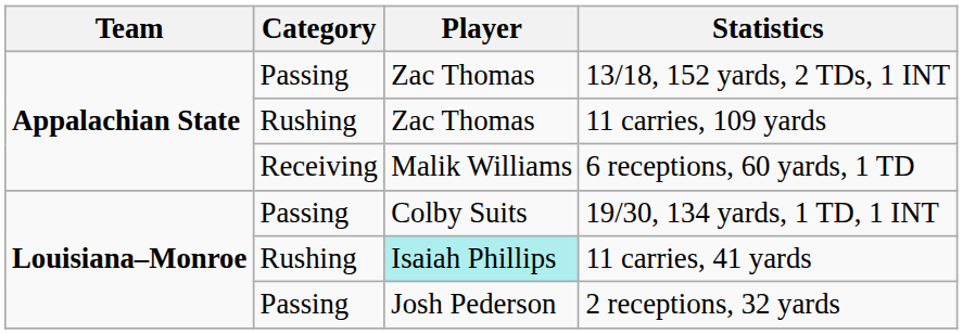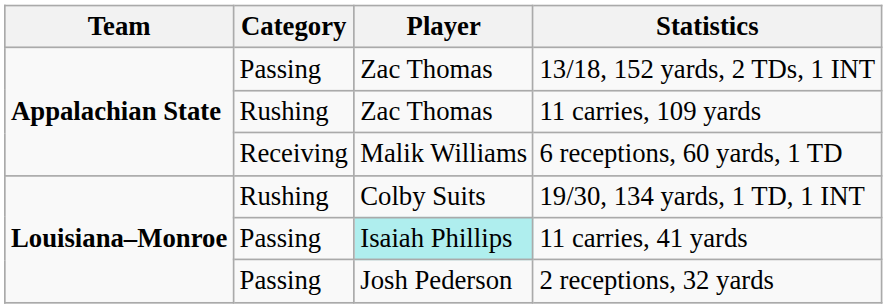 <table class="wikitable" style="float: left;">
 <tr>
 <th>Team</th>
 <th>Category</th>
 <th>Player</th>
 <th>Statistics</th>
 </tr>
 <tr>
 <td rowspan=3><strong>Appalachian State</strong></td>
 <td>Passing</td>
 <td>Zac Thomas</td>
 <td>13/18, 152 yards, 2 TDs, 1 INT</td>
 </tr>
 <tr>
 <td>Rushing</td>
 <td>Zac Thomas</td>
 <td>11 carries, 109 yards</td>
 </tr>
 <tr>
 <td>Receiving</td>
 <td>Malik Williams</td>
 <td>6 receptions, 60 yards, 1 TD</td>
 </tr>
 <tr>
 <td rowspan=3><strong>Louisiana–Monroe</strong></td>
-<td>Passing</td>
+<td>Rushing</td>
 <td>Colby Suits</td>
 <td>19/30, 134 yards, 1 TD, 1 INT</td>
 </tr>
 <tr>
-<td>Rushing</td>
+<td>Passing</td>
 <td style="background: paleturquoise;">Isaiah Phillips</td>
 <td>11 carries, 41 yards</td>
 </tr>
 <tr>
 <td>Passing</td>
 <td>Josh Pederson</td>
 <td>2 receptions, 32 yards</td>
 </tr>
 </table>
